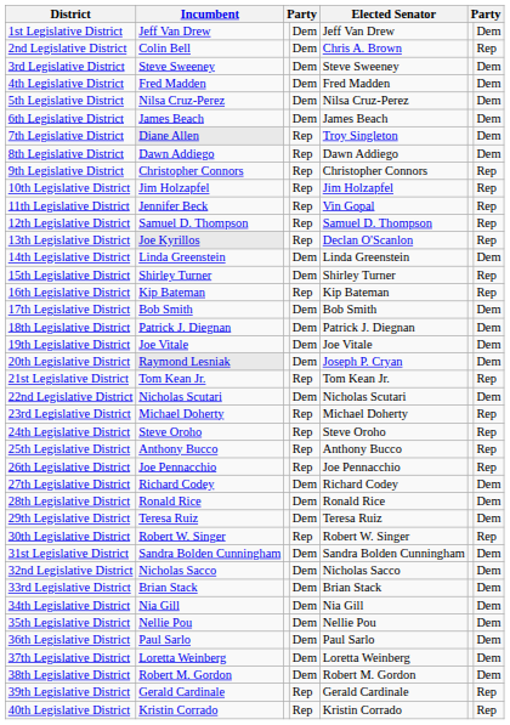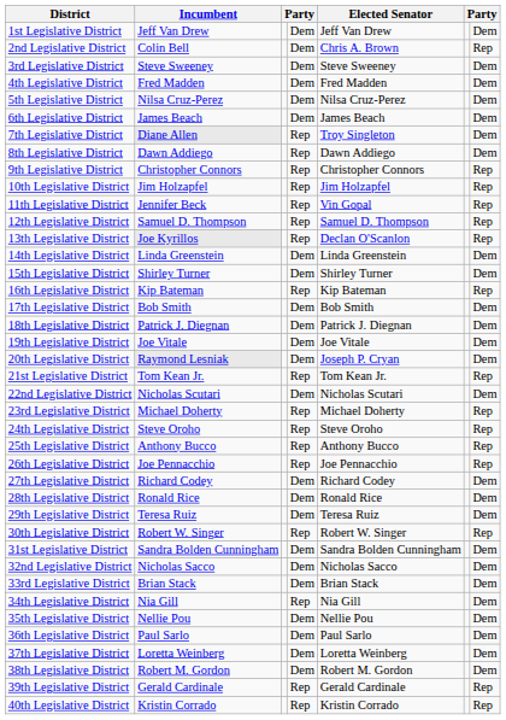 <table class="sortable wikitable" style="font-size:95%;line-height:14px;">
 <tr>
 <th>District</th>
 <th class="unsortable"><a href='#'>Incumbent</a></th>
 <th colspan="2">Party</th>
 <th class="unsortable">Elected Senator</th>
 <th colspan="2">Party</th>
 </tr>
 <tr>
 <td><a href='#'>1st Legislative District</a></td>
 <td><a href='#'>Jeff Van Drew</a></td>
 <td style="background:"></td>
 <td>Dem</td>
 <td>Jeff Van Drew</td>
 <td style="background:"></td>
 <td>Dem</td>
 </tr>
 <tr>
 <td><a href='#'>2nd Legislative District</a></td>
 <td><a href='#'>Colin Bell</a></td>
 <td style="background:"></td>
 <td>Dem</td>
 <td><a href='#'>Chris A. Brown</a></td>
 <td style="background:"></td>
 <td>Rep</td>
 </tr>
 <tr>
 <td><a href='#'>3rd Legislative District</a></td>
 <td><a href='#'>Steve Sweeney</a></td>
 <td style="background:"></td>
 <td>Dem</td>
 <td>Steve Sweeney</td>
 <td style="background:"></td>
 <td>Dem</td>
 </tr>
 <tr>
 <td><a href='#'>4th Legislative District</a></td>
 <td><a href='#'>Fred Madden</a></td>
 <td style="background:"></td>
 <td>Dem</td>
 <td>Fred Madden</td>
 <td style="background:"></td>
 <td>Dem</td>
 </tr>
 <tr>
 <td><a href='#'>5th Legislative District</a></td>
 <td><a href='#'>Nilsa Cruz-Perez</a></td>
 <td style="background:"></td>
 <td>Dem</td>
 <td>Nilsa Cruz-Perez</td>
 <td style="background:"></td>
 <td>Dem</td>
 </tr>
 <tr>
 <td><a href='#'>6th Legislative District</a></td>
 <td><a href='#'>James Beach</a></td>
 <td style="background:"></td>
 <td>Dem</td>
 <td>James Beach</td>
 <td style="background:"></td>
 <td>Dem</td>
 </tr>
 <tr>
 <td><a href='#'>7th Legislative District</a></td>
 <td style="background:#E9E9E9;"><a href='#'>Diane Allen</a></td>
 <td style="background:"></td>
 <td>Rep</td>
 <td><a href='#'>Troy Singleton</a></td>
 <td style="background:"></td>
 <td>Dem</td>
 </tr>
 <tr>
 <td><a href='#'>8th Legislative District</a></td>
 <td><a href='#'>Dawn Addiego</a></td>
 <td style="background:"></td>
 <td>Rep</td>
 <td>Dawn Addiego</td>
 <td style="background:"></td>
 <td>Dem</td>
 </tr>
 <tr>
 <td><a href='#'>9th Legislative District</a></td>
 <td><a href='#'>Christopher Connors</a></td>
 <td style="background:"></td>
 <td>Rep</td>
 <td>Christopher Connors</td>
 <td style="background:"></td>
 <td>Rep</td>
 </tr>
 <tr>
 <td><a href='#'>10th Legislative District</a></td>
 <td><a href='#'>Jim Holzapfel</a></td>
 <td style="background:"></td>
 <td>Rep</td>
 <td><a href='#'>Jim Holzapfel</a></td>
 <td style="background:"></td>
 <td>Rep</td>
 </tr>
 <tr>
 <td><a href='#'>11th Legislative District</a></td>
 <td><a href='#'>Jennifer Beck</a></td>
 <td style="background:"></td>
 <td>Rep</td>
 <td><a href='#'>Vin Gopal</a></td>
 <td style="background:"></td>
 <td>Rep</td>
 </tr>
 <tr>
 <td><a href='#'>12th Legislative District</a></td>
 <td><a href='#'>Samuel D. Thompson</a></td>
 <td style="background:"></td>
 <td>Rep</td>
 <td><a href='#'>Samuel D. Thompson</a></td>
 <td style="background:"></td>
 <td>Rep</td>
 </tr>
 <tr>
 <td><a href='#'>13th Legislative District</a></td>
 <td style="background:#E9E9E9;"><a href='#'>Joe Kyrillos</a></td>
 <td style="background:"></td>
 <td>Rep</td>
 <td><a href='#'>Declan O'Scanlon</a></td>
 <td style="background:"></td>
 <td>Rep</td>
 </tr>
 <tr>
 <td><a href='#'>14th Legislative District</a></td>
 <td><a href='#'>Linda Greenstein</a></td>
 <td style="background:"></td>
 <td>Dem</td>
 <td>Linda Greenstein</td>
 <td style="background:"></td>
 <td>Dem</td>
 </tr>
 <tr>
 <td><a href='#'>15th Legislative District</a></td>
 <td><a href='#'>Shirley Turner</a></td>
 <td style="background:"></td>
 <td>Dem</td>
 <td>Shirley Turner</td>
 <td style="background:"></td>
-<td>Rep</td>
+<td>Dem</td>
 </tr>
 <tr>
 <td><a href='#'>16th Legislative District</a></td>
 <td><a href='#'>Kip Bateman</a></td>
 <td style="background:"></td>
 <td>Rep</td>
 <td>Kip Bateman</td>
 <td style="background:"></td>
 <td>Rep</td>
 </tr>
 <tr>
 <td><a href='#'>17th Legislative District</a></td>
 <td><a href='#'>Bob Smith</a></td>
 <td style="background:"></td>
 <td>Dem</td>
 <td>Bob Smith</td>
 <td style="background:"></td>
 <td>Dem</td>
 </tr>
 <tr>
 <td><a href='#'>18th Legislative District</a></td>
 <td><a href='#'>Patrick J. Diegnan</a></td>
 <td style="background:"></td>
 <td>Dem</td>
 <td>Patrick J. Diegnan</td>
 <td style="background:"></td>
 <td>Dem</td>
 </tr>
 <tr>
 <td><a href='#'>19th Legislative District</a></td>
 <td><a href='#'>Joe Vitale</a></td>
 <td style="background:"></td>
 <td>Dem</td>
 <td>Joe Vitale</td>
 <td style="background:"></td>
 <td>Dem</td>
 </tr>
 <tr>
 <td><a href='#'>20th Legislative District</a></td>
 <td style="background:#E9E9E9;"><a href='#'>Raymond Lesniak</a></td>
 <td style="background:"></td>
 <td>Dem</td>
 <td><a href='#'>Joseph P. Cryan</a></td>
 <td style="background:"></td>
 <td>Dem</td>
 </tr>
 <tr>
 <td><a href='#'>21st Legislative District</a></td>
 <td><a href='#'>Tom Kean Jr.</a></td>
 <td style="background:"></td>
 <td>Rep</td>
 <td>Tom Kean Jr.</td>
 <td style="background:"></td>
 <td>Rep</td>
 </tr>
 <tr>
 <td><a href='#'>22nd Legislative District</a></td>
 <td><a href='#'>Nicholas Scutari</a></td>
 <td style="background:"></td>
 <td>Dem</td>
 <td>Nicholas Scutari</td>
 <td style="background:"></td>
 <td>Dem</td>
 </tr>
 <tr>
 <td><a href='#'>23rd Legislative District</a></td>
 <td><a href='#'>Michael Doherty</a></td>
 <td style="background:"></td>
 <td>Rep</td>
 <td>Michael Doherty</td>
 <td style="background:"></td>
 <td>Rep</td>
 </tr>
 <tr>
 <td><a href='#'>24th Legislative District</a></td>
 <td><a href='#'>Steve Oroho</a></td>
 <td style="background:"></td>
 <td>Rep</td>
 <td>Steve Oroho</td>
 <td style="background:"></td>
 <td>Rep</td>
 </tr>
 <tr>
 <td><a href='#'>25th Legislative District</a></td>
 <td><a href='#'>Anthony Bucco</a></td>
 <td style="background:"></td>
 <td>Rep</td>
 <td>Anthony Bucco</td>
 <td style="background:"></td>
 <td>Rep</td>
 </tr>
 <tr>
 <td><a href='#'>26th Legislative District</a></td>
 <td><a href='#'>Joe Pennacchio</a></td>
 <td style="background:"></td>
 <td>Rep</td>
 <td>Joe Pennacchio</td>
 <td style="background:"></td>
 <td>Rep</td>
 </tr>
 <tr>
 <td><a href='#'>27th Legislative District</a></td>
 <td><a href='#'>Richard Codey</a></td>
 <td style="background:"></td>
 <td>Dem</td>
 <td>Richard Codey</td>
 <td style="background:"></td>
 <td>Dem</td>
 </tr>
 <tr>
 <td><a href='#'>28th Legislative District</a></td>
 <td><a href='#'>Ronald Rice</a></td>
 <td style="background:"></td>
 <td>Dem</td>
 <td>Ronald Rice</td>
 <td style="background:"></td>
 <td>Dem</td>
 </tr>
 <tr>
 <td><a href='#'>29th Legislative District</a></td>
 <td><a href='#'>Teresa Ruiz</a></td>
 <td style="background:"></td>
 <td>Dem</td>
 <td>Teresa Ruiz</td>
 <td style="background:"></td>
 <td>Dem</td>
 </tr>
 <tr>
 <td><a href='#'>30th Legislative District</a></td>
 <td><a href='#'>Robert W. Singer</a></td>
 <td style="background:"></td>
 <td>Rep</td>
 <td>Robert W. Singer</td>
 <td style="background:"></td>
 <td>Rep</td>
 </tr>
 <tr>
 <td><a href='#'>31st Legislative District</a></td>
 <td><a href='#'>Sandra Bolden Cunningham</a></td>
 <td style="background:"></td>
 <td>Dem</td>
 <td>Sandra Bolden Cunningham</td>
 <td style="background:"></td>
 <td>Dem</td>
 </tr>
 <tr>
 <td><a href='#'>32nd Legislative District</a></td>
 <td><a href='#'>Nicholas Sacco</a></td>
 <td style="background:"></td>
 <td>Dem</td>
 <td>Nicholas Sacco</td>
 <td style="background:"></td>
 <td>Dem</td>
 </tr>
 <tr>
 <td><a href='#'>33rd Legislative District</a></td>
 <td><a href='#'>Brian Stack</a></td>
 <td style="background:"></td>
 <td>Dem</td>
 <td>Brian Stack</td>
 <td style="background:"></td>
 <td>Dem</td>
 </tr>
 <tr>
 <td><a href='#'>34th Legislative District</a></td>
 <td><a href='#'>Nia Gill</a></td>
 <td style="background:"></td>
-<td>Dem</td>
+<td>Rep</td>
 <td>Nia Gill</td>
 <td style="background:"></td>
 <td>Dem</td>
 </tr>
 <tr>
 <td><a href='#'>35th Legislative District</a></td>
 <td><a href='#'>Nellie Pou</a></td>
 <td style="background:"></td>
 <td>Dem</td>
 <td>Nellie Pou</td>
 <td style="background:"></td>
 <td>Dem</td>
 </tr>
 <tr>
 <td><a href='#'>36th Legislative District</a></td>
 <td><a href='#'>Paul Sarlo</a></td>
 <td style="background:"></td>
 <td>Dem</td>
 <td>Paul Sarlo</td>
 <td style="background:"></td>
 <td>Dem</td>
 </tr>
 <tr>
 <td><a href='#'>37th Legislative District</a></td>
 <td><a href='#'>Loretta Weinberg</a></td>
 <td style="background:"></td>
 <td>Dem</td>
 <td>Loretta Weinberg</td>
 <td style="background:"></td>
 <td>Dem</td>
 </tr>
 <tr>
 <td><a href='#'>38th Legislative District</a></td>
 <td><a href='#'>Robert M. Gordon</a></td>
 <td style="background:"></td>
 <td>Dem</td>
 <td>Robert M. Gordon</td>
 <td style="background:"></td>
 <td>Dem</td>
 </tr>
 <tr>
 <td><a href='#'>39th Legislative District</a></td>
 <td><a href='#'>Gerald Cardinale</a></td>
 <td style="background:"></td>
 <td>Rep</td>
 <td>Gerald Cardinale</td>
 <td style="background:"></td>
 <td>Rep</td>
 </tr>
 <tr>
 <td><a href='#'>40th Legislative District</a></td>
 <td><a href='#'>Kristin Corrado</a></td>
 <td style="background:"></td>
 <td>Rep</td>
 <td>Kristin Corrado</td>
 <td style="background:"></td>
 <td>Rep</td>
 </tr>
 </table>
